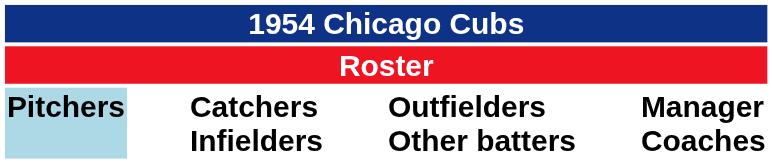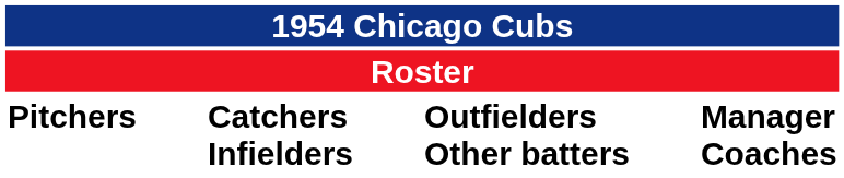 <table class="toccolours" style="font-size: 95%;">
 <tr>
 <th colspan="10" style="background-color: #0e3386; color: white; text-align: center;">1954 Chicago Cubs</th>
 </tr>
 <tr>
 <td colspan="10" style="background-color: #EE1422; color: white; text-align: center;"><strong>Roster</strong></td>
 </tr>
 <tr>
-<td valign="top" style="background: lightblue;"><strong>Pitchers</strong><br>               </td>
+<td valign="top"><strong>Pitchers</strong><br>               </td>
 <td width="25px"></td>
 <td valign="top"><strong>Catchers</strong><br>     <strong>Infielders</strong>         </td>
 <td width="25px"></td>
 <td valign="top"><strong>Outfielders</strong><br>       <strong>Other batters</strong> </td>
 <td width="25px"></td>
 <td valign="top"><strong>Manager</strong><br> <strong>Coaches</strong>   </td>
 </tr>
 <tr>
 </tr>
 </table>
